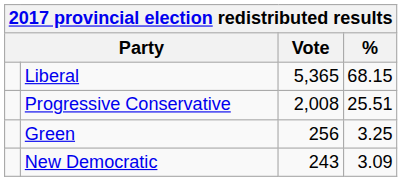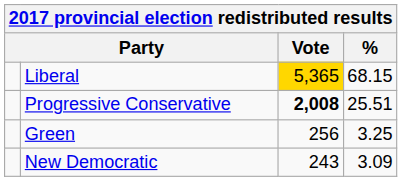 <table class="wikitable">
 <tr>
 <th colspan="4"><a href='#'>2017 provincial election</a> redistributed results</th>
 </tr>
 <tr>
 <th bgcolor="#DDDDFF" width="130px" colspan="2">Party</th>
 <th bgcolor="#DDDDFF" width="50px">Vote</th>
 <th bgcolor="#DDDDFF" width="30px">%</th>
 </tr>
 <tr>
 <td> </td>
 <td><a href='#'>Liberal</a></td>
-<td align=right>5,365</td>
+<td align=right style="background: gold;">5,365</td>
 <td align=right>68.15</td>
 </tr>
 <tr>
 <td> </td>
 <td><a href='#'>Progressive Conservative</a></td>
-<td align=right>2,008</td>
+<td align=right><strong>2,008</strong></td>
 <td align=right>25.51</td>
 </tr>
 <tr>
 <td> </td>
 <td><a href='#'>Green</a></td>
 <td align=right>256</td>
 <td align=right>3.25</td>
 </tr>
 <tr>
 <td> </td>
 <td><a href='#'>New Democratic</a></td>
 <td align=right>243</td>
 <td align=right>3.09</td>
 </tr>
 </table>
